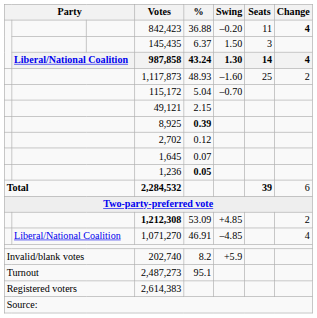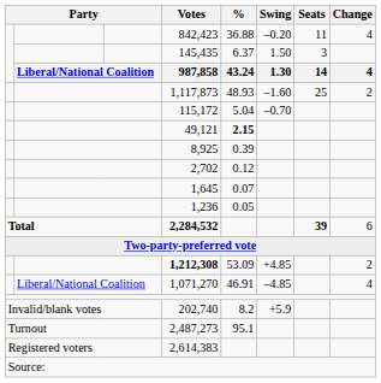 <table class="wikitable">
 <tr>
 <th colspan="3" style="width:200px"><strong>Party</strong></th>
 <th style="width:70px; text-align:center;"><strong>Votes</strong></th>
 <th style="width:40px; text-align:center;"><strong>%</strong></th>
 <th style="width:40px; text-align:center;"><strong>Swing</strong></th>
 <th style="width:40px; text-align:center;"><strong>Seats</strong></th>
 <th style="width:40px; text-align:center;"><strong>Change</strong></th>
 </tr>
 <tr>
 <td rowspan="3"> </td>
 <td> </td>
 <td></td>
 <td align=right>842,423</td>
 <td align=right>36.88</td>
 <td align=right>–0.20</td>
 <td align=right>11</td>
-<td align=right><strong> 4</strong></td>
+<td align=right> 4</td>
 </tr>
 <tr>
 <td> </td>
 <td></td>
 <td align=right>145,435</td>
 <td align=right>6.37</td>
 <td align=right>1.50</td>
 <td align=right>3</td>
 <td align=right></td>
 </tr>
 <tr>
 <th colspan="2" style="text-align:left;"><a href='#'>Liberal/National Coalition</a></th>
 <th style="text-align:right;">987,858</th>
 <th style="text-align:right;">43.24</th>
 <th style="text-align:right;">1.30</th>
 <th style="text-align:right;">14</th>
 <th style="text-align:right;"> 4</th>
 </tr>
 <tr>
 <td> </td>
 <td colspan=2></td>
 <td align=right>1,117,873</td>
 <td align=right>48.93</td>
 <td align=right>–1.60</td>
 <td align=right>25</td>
 <td align=right> 2</td>
 </tr>
 <tr>
 <td> </td>
 <td colspan=2></td>
 <td align=right>115,172</td>
 <td align=right>5.04</td>
 <td align=right>–0.70</td>
 <td align=right></td>
 <td align=right></td>
 </tr>
 <tr>
 <td> </td>
 <td colspan=2></td>
 <td align=right>49,121</td>
-<td align=right>2.15</td>
+<td align=right><strong>2.15</strong></td>
 <td align=right></td>
 <td align=right></td>
 <td align=right></td>
 </tr>
 <tr>
 <td> </td>
 <td colspan=2></td>
 <td align=right>8,925</td>
-<td align=right><strong>0.39</strong></td>
+<td align=right>0.39</td>
 <td align=right></td>
 <td align=right></td>
 <td align=right></td>
 </tr>
 <tr>
 <td> </td>
 <td colspan=2></td>
 <td align=right>2,702</td>
 <td align=right>0.12</td>
 <td align=right></td>
 <td align=right></td>
 <td align=right></td>
 </tr>
 <tr>
 <td> </td>
 <td colspan=2></td>
 <td align=right>1,645</td>
 <td align=right>0.07</td>
 <td align=right></td>
 <td align=right></td>
 <td align=right></td>
 </tr>
 <tr>
 <td> </td>
 <td colspan=2></td>
 <td align=right>1,236</td>
-<td align=right><strong>0.05</strong></td>
+<td align=right>0.05</td>
 <td align=right></td>
 <td align=right></td>
 <td align=right></td>
 </tr>
 <tr>
 <td colspan="3" align="left"><strong>Total</strong></td>
 <td align=right><strong>2,284,532</strong></td>
 <td align=right></td>
 <td align=right></td>
 <td align=right><strong>39</strong></td>
 <td align=right> 6</td>
 </tr>
 <tr>
 <td colspan="8" style="text-align:center; background:#eee;"><strong><a href='#'>Two-party-preferred vote</a></strong></td>
 </tr>
 <tr>
 <td> </td>
 <td colspan=2></td>
 <td align=right><strong>1,212,308</strong></td>
 <td align=right>53.09</td>
 <td align=right>+4.85</td>
 <td align=right></td>
 <td align=right> 2</td>
 </tr>
 <tr>
 <td> </td>
 <td colspan=2><a href='#'>Liberal/National Coalition</a></td>
 <td align=right>1,071,270</td>
 <td align=right>46.91</td>
 <td align=right>–4.85</td>
 <td align=right></td>
 <td align=right> 4</td>
 </tr>
 <tr>
 <td colspan="8"></td>
 </tr>
 <tr>
 <td colspan="3" style="text-align:left;">Invalid/blank votes</td>
 <td align="right">202,740</td>
 <td align="right">8.2</td>
 <td align="right">+5.9</td>
 <td></td>
 <td></td>
 </tr>
 <tr>
 <td colspan="3" style="text-align:left;">Turnout</td>
 <td align="right">2,487,273</td>
 <td align="right">95.1</td>
 <td align="right"></td>
 <td></td>
 <td></td>
 </tr>
 <tr>
 <td colspan="3" style="text-align:left;">Registered voters</td>
 <td align="right">2,614,383</td>
 <td></td>
 <td></td>
 <td></td>
 <td></td>
 </tr>
 <tr>
 <td colspan="8" align="left">Source: </td>
 </tr>
 </table>
